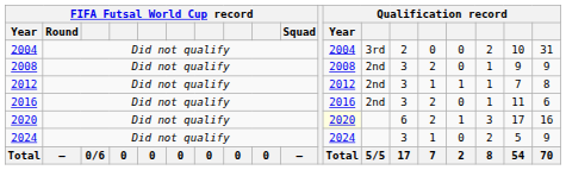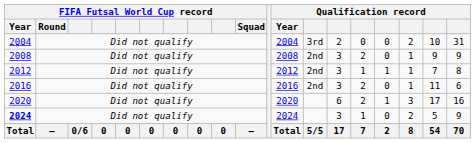 <table class="wikitable" style="text-align: center;">
 <tr>
 <th colspan="10"><a href='#'>FIFA Futsal World Cup</a> record</th>
 <th rowspan="9"></th>
 <th colspan="9">Qualification record</th>
 </tr>
 <tr>
 <th>Year</th>
 <th>Round</th>
 <th width=28></th>
 <th width=28></th>
 <th width=28></th>
 <th width=28></th>
 <th width=28></th>
 <th width=28></th>
 <th width=28></th>
 <th width=28>Squad</th>
 <th>Year</th>
 <th width=28></th>
 <th width=28></th>
 <th width=28></th>
 <th width=28></th>
 <th width=28></th>
 <th width=28></th>
 <th width=28></th>
 </tr>
 <tr>
 <td> <a href='#'>2004</a></td>
 <td colspan="9"><em>Did not qualify</em></td>
 <td> <a href='#'>2004</a></td>
 <td>3rd</td>
 <td>2</td>
 <td>0</td>
 <td>0</td>
 <td>2</td>
 <td>10</td>
 <td>31</td>
 </tr>
 <tr>
 <td> <a href='#'>2008</a></td>
 <td colspan="9"><em>Did not qualify</em></td>
 <td> <a href='#'>2008</a></td>
 <td>2nd</td>
 <td>3</td>
 <td>2</td>
 <td>0</td>
 <td>1</td>
 <td>9</td>
 <td>9</td>
 </tr>
 <tr>
 <td> <a href='#'>2012</a></td>
 <td colspan="9"><em>Did not qualify</em></td>
 <td> <a href='#'>2012</a></td>
 <td>2nd</td>
 <td>3</td>
 <td>1</td>
 <td>1</td>
 <td>1</td>
 <td>7</td>
 <td>8</td>
 </tr>
 <tr>
 <td> <a href='#'>2016</a></td>
 <td colspan="9"><em>Did not qualify</em></td>
 <td> <a href='#'>2016</a></td>
 <td>2nd</td>
 <td>3</td>
 <td>2</td>
 <td>0</td>
 <td>1</td>
 <td>11</td>
 <td>6</td>
 </tr>
 <tr>
 <td> <a href='#'>2020</a></td>
 <td colspan="9"><em>Did not qualify</em></td>
-<td style="background: lightyellow;"> <a href='#'>2020</a></td>
+<td> <a href='#'>2020</a></td>
 <td></td>
 <td>6</td>
 <td>2</td>
 <td>1</td>
 <td>3</td>
 <td>17</td>
 <td>16</td>
 </tr>
 <tr>
-<td> <a href='#'>2024</a></td>
+<td><strong> <a href='#'>2024</a></strong></td>
 <td colspan="9"><em>Did not qualify</em></td>
 <td> <a href='#'>2024</a></td>
 <td></td>
 <td>3</td>
 <td>1</td>
 <td>0</td>
 <td>2</td>
 <td>5</td>
 <td>9</td>
 </tr>
 <tr>
 <th>Total</th>
 <th>—</th>
 <th>0/6</th>
 <th>0</th>
 <th>0</th>
 <th>0</th>
 <th>0</th>
 <th>0</th>
 <th>0</th>
 <th>—</th>
 <th>Total</th>
 <th>5/5</th>
 <th>17</th>
 <th>7</th>
 <th>2</th>
 <th>8</th>
 <th>54</th>
 <th>70</th>
 </tr>
 </table>
